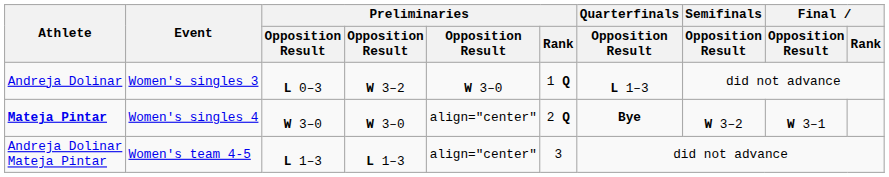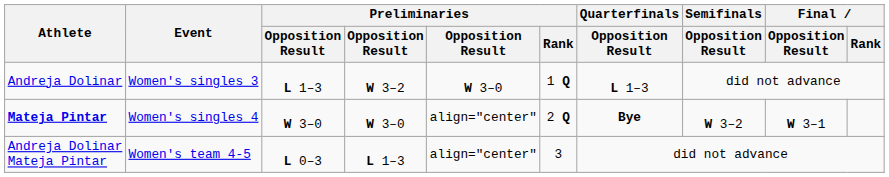 <table class=wikitable style="font-size:90%">
 <tr>
 <th rowspan="2">Athlete</th>
 <th rowspan="2">Event</th>
 <th colspan="4">Preliminaries</th>
 <th>Quarterfinals</th>
 <th>Semifinals</th>
 <th colspan="2">Final / </th>
 </tr>
 <tr>
 <th>Opposition<br>Result</th>
 <th>Opposition<br>Result</th>
 <th>Opposition<br>Result</th>
 <th>Rank</th>
 <th>Opposition<br>Result</th>
 <th>Opposition<br>Result</th>
 <th>Opposition<br>Result</th>
 <th>Rank</th>
 </tr>
 <tr>
 <td><a href='#'>Andreja Dolinar</a></td>
 <td><a href='#'>Women's singles 3</a></td>
-<td align="center"><br><strong>L</strong> 0–3</td>
+<td align="center"><br><strong>L</strong> 1–3</td>
 <td align="center"><br><strong>W</strong> 3–2</td>
 <td align="center"><br><strong>W</strong> 3–0</td>
 <td align="center">1 <strong>Q</strong></td>
 <td align="center"><br><strong>L</strong> 1–3</td>
 <td align="center" colspan="3">did not advance</td>
 </tr>
 <tr>
 <td><strong><a href='#'>Mateja Pintar</a></strong></td>
 <td><a href='#'>Women's singles 4</a></td>
 <td align="center"><br><strong>W</strong> 3–0</td>
 <td align="center"><br><strong>W</strong> 3–0</td>
 <td>align="center" </td>
 <td align="center">2 <strong>Q</strong></td>
 <td align="center"><strong>Bye</strong></td>
 <td align="center"><br><strong>W</strong> 3–2</td>
 <td align="center"><br><strong>W</strong> 3–1</td>
 <td align="center"></td>
 </tr>
 <tr>
 <td><a href='#'>Andreja Dolinar</a><br> <a href='#'>Mateja Pintar</a></td>
 <td><a href='#'>Women's team 4-5</a></td>
-<td align="center"><br><strong>L</strong> 1–3</td>
+<td align="center"><br><strong>L</strong> 0–3</td>
 <td align="center"><br><strong>L</strong> 1–3</td>
 <td>align="center" </td>
 <td align="center">3</td>
 <td align="center" colspan="4">did not advance</td>
 </tr>
 </table>
